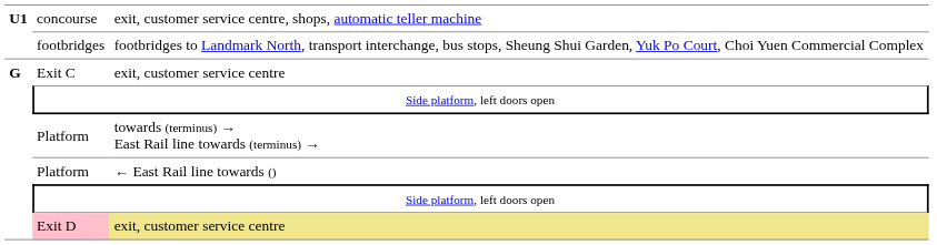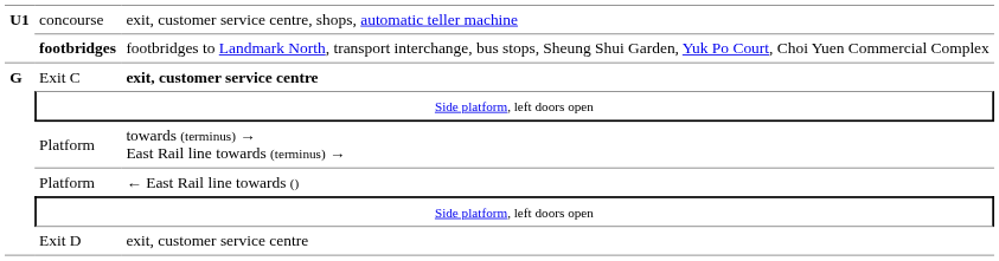 <table border=0 cellspacing=0 cellpadding=5px>
 <tr>
 <td style="border-top:solid 1px gray;border-bottom:solid 1px gray;vertical-align:top;" rowspan=2><strong>U1</strong></td>
 <td style="border-top:solid 1px gray;border-bottom:solid 1px gray;">concourse</td>
 <td style="border-top:solid 1px gray;border-bottom:solid 1px gray;">exit, customer service centre, shops, <a href='#'>automatic teller machine</a></td>
 </tr>
 <tr>
-<td style="border-bottom:solid 1px gray;">footbridges</td>
+<td style="border-bottom:solid 1px gray;"><strong>footbridges</strong></td>
 <td style="border-bottom:solid 1px gray;">footbridges to <a href='#'>Landmark North</a>, transport interchange, bus stops, Sheung Shui Garden, <a href='#'>Yuk Po Court</a>, Choi Yuen Commercial Complex</td>
 </tr>
 <tr>
 <td style="border-bottom:solid 1px gray;vertical-align:top;" rowspan=10><strong>G</strong></td>
 </tr>
 <tr>
 <td style="border=bottom:solid 1px gray;">Exit C</td>
-<td style="border=bottom:solid 1px gray;">exit, customer service centre</td>
+<td style="border=bottom:solid 1px gray;"><strong>exit, customer service centre</strong></td>
 </tr>
 <tr>
 <td style="border-right:solid 2px black;border-left:solid 2px black;border-bottom:solid 2px black;border-top:solid 1px gray;text-align:center;" colspan=2><small><a href='#'>Side platform</a>, left doors open</small></td>
 </tr>
 <tr>
 <td style="border-bottom:solid 1px gray;">Platform </td>
 <td style="border-bottom:solid 1px gray;">  towards  <small>(terminus)</small> →<br>  East Rail line towards  <small>(terminus)</small> →</td>
 </tr>
 <tr>
 <td>Platform </td>
 <td>←  East Rail line towards  <small>()</small></td>
 </tr>
 <tr>
 <td style="border-top:solid 2px black;border-right:solid 2px black;border-left:solid 2px black;border-bottom:solid 1px gray;text-align:center;" colspan=2><small><a href='#'>Side platform</a>, left doors open</small></td>
 </tr>
 <tr>
-<td style="background: pink; border-bottom:solid 1px gray;">Exit D</td>
-<td style="background: khaki; border-bottom:solid 1px gray;">exit, customer service centre</td>
+<td style="border-bottom:solid 1px gray;">Exit D</td>
+<td style="border-bottom:solid 1px gray;">exit, customer service centre</td>
 </tr>
 </table>
